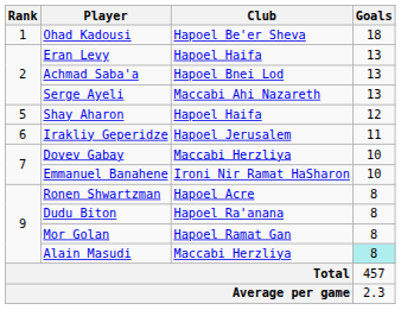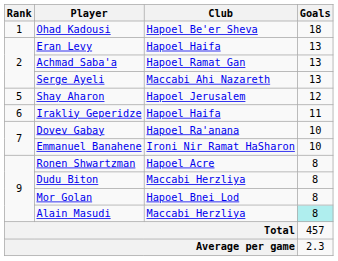 <table class="wikitable">
 <tr>
 <th>Rank</th>
 <th>Player</th>
 <th>Club</th>
 <th>Goals</th>
 </tr>
 <tr>
 <td align="center">1</td>
 <td> <a href='#'>Ohad Kadousi</a></td>
 <td><a href='#'>Hapoel Be'er Sheva</a></td>
 <td align="center">18</td>
 </tr>
 <tr>
 <td rowspan="3" align="center">2</td>
 <td> <a href='#'>Eran Levy</a></td>
 <td><a href='#'>Hapoel Haifa</a></td>
 <td align="center">13</td>
 </tr>
 <tr>
 <td> <a href='#'>Achmad Saba'a</a></td>
-<td><a href='#'>Hapoel Bnei Lod</a></td>
+<td><a href='#'>Hapoel Ramat Gan</a></td>
 <td align="center">13</td>
 </tr>
 <tr>
 <td> <a href='#'>Serge Ayeli</a></td>
 <td><a href='#'>Maccabi Ahi Nazareth</a></td>
 <td align="center">13</td>
 </tr>
 <tr>
 <td align="center">5</td>
 <td> <a href='#'>Shay Aharon</a></td>
-<td><a href='#'>Hapoel Haifa</a></td>
+<td><a href='#'>Hapoel Jerusalem</a></td>
 <td align="center">12</td>
 </tr>
 <tr>
 <td align="center">6</td>
 <td> <a href='#'>Irakliy Geperidze</a></td>
-<td><a href='#'>Hapoel Jerusalem</a></td>
+<td><a href='#'>Hapoel Haifa</a></td>
 <td align="center">11</td>
 </tr>
 <tr>
 <td rowspan="2" align="center">7</td>
 <td> <a href='#'>Dovev Gabay</a></td>
-<td><a href='#'>Maccabi Herzliya</a></td>
+<td><a href='#'>Hapoel Ra'anana</a></td>
 <td align="center">10</td>
 </tr>
 <tr>
 <td> <a href='#'>Emmanuel Banahene</a></td>
 <td><a href='#'>Ironi Nir Ramat HaSharon</a></td>
 <td align="center">10</td>
 </tr>
 <tr>
 <td rowspan="4" align="center">9</td>
 <td> <a href='#'>Ronen Shwartzman</a></td>
 <td><a href='#'>Hapoel Acre</a></td>
 <td align="center">8</td>
 </tr>
 <tr>
 <td> <a href='#'>Dudu Biton</a></td>
-<td><a href='#'>Hapoel Ra'anana</a></td>
+<td><a href='#'>Maccabi Herzliya</a></td>
 <td align="center">8</td>
 </tr>
 <tr>
 <td> <a href='#'>Mor Golan</a></td>
-<td><a href='#'>Hapoel Ramat Gan</a></td>
+<td><a href='#'>Hapoel Bnei Lod</a></td>
 <td align="center">8</td>
 </tr>
 <tr>
 <td> <a href='#'>Alain Masudi</a></td>
 <td><a href='#'>Maccabi Herzliya</a></td>
 <td align="center" style="background: paleturquoise;">8</td>
 </tr>
 <tr>
 <td bgcolor="#F2F2F2" colspan="3" align="right"><strong>Total</strong></td>
 <td align="center">457</td>
 </tr>
 <tr>
 <td bgcolor="#F2F2F2" colspan="3" align="right"><strong>Average per game</strong></td>
 <td align="center">2.3</td>
 </tr>
 </table>
